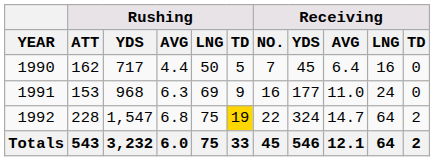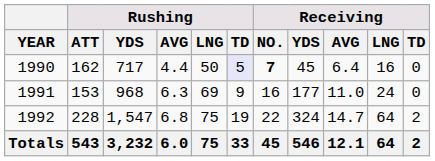 <table class=wikitable style="text-align:center">
 <tr>
 <th></th>
 <th colspan="5" style="background:#e7e3e7;">Rushing</th>
 <th colspan="5" style="background:#e7e3e7;">Receiving</th>
 </tr>
 <tr>
 <th>YEAR</th>
 <th>ATT</th>
 <th>YDS</th>
 <th>AVG</th>
 <th>LNG</th>
 <th>TD</th>
 <th>NO.</th>
 <th>YDS</th>
 <th>AVG</th>
 <th>LNG</th>
 <th>TD</th>
 </tr>
 <tr>
 <td>1990</td>
 <td>162</td>
 <td>717</td>
 <td>4.4</td>
 <td>50</td>
-<td>5</td>
-<td>7</td>
+<td style="background: lavender;">5</td>
+<td><strong>7</strong></td>
 <td>45</td>
 <td>6.4</td>
 <td>16</td>
 <td>0</td>
 </tr>
 <tr>
 <td>1991</td>
 <td>153</td>
 <td>968</td>
 <td>6.3</td>
 <td>69</td>
 <td>9</td>
 <td>16</td>
 <td>177</td>
 <td>11.0</td>
 <td>24</td>
 <td>0</td>
 </tr>
 <tr>
 <td>1992</td>
 <td>228</td>
 <td>1,547</td>
 <td>6.8</td>
 <td>75</td>
-<td style="background: gold;">19</td>
+<td>19</td>
 <td>22</td>
 <td>324</td>
 <td>14.7</td>
 <td>64</td>
 <td>2</td>
 </tr>
 <tr>
 <th>Totals</th>
 <th>543</th>
 <th>3,232</th>
 <th>6.0</th>
 <th>75</th>
 <th>33</th>
 <th>45</th>
 <th>546</th>
 <th>12.1</th>
 <th>64</th>
 <th>2</th>
 </tr>
 </table>
